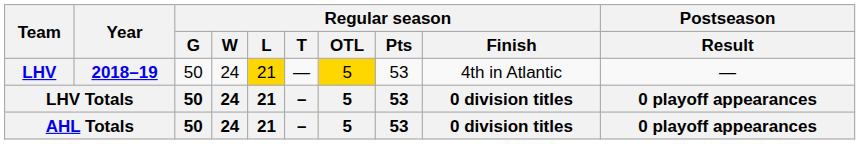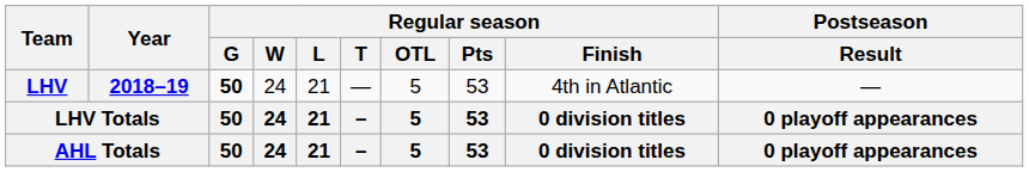 <table class="wikitable" style="font-size: 95%; text-align:center; width:50em;">
 <tr>
 <th rowspan="2">Team</th>
 <th rowspan="2">Year</th>
 <th colspan="7">Regular season</th>
 <th>Postseason</th>
 </tr>
 <tr>
 <th>G</th>
 <th>W</th>
 <th>L</th>
 <th>T</th>
 <th>OTL</th>
 <th>Pts</th>
 <th>Finish</th>
 <th>Result</th>
 </tr>
 <tr>
 <th><a href='#'>LHV</a></th>
 <th><a href='#'>2018–19</a></th>
-<td>50</td>
+<td><strong>50</strong></td>
 <td>24</td>
-<td style="background: gold;">21</td>
+<td>21</td>
 <td>—</td>
-<td style="background: gold;">5</td>
+<td>5</td>
 <td>53</td>
 <td>4th in Atlantic</td>
 <td>—</td>
 </tr>
 <tr>
 <th colspan="2">LHV Totals</th>
 <th>50</th>
 <th>24</th>
 <th>21</th>
 <th>–</th>
 <th>5</th>
 <th>53</th>
 <th>0 division titles</th>
 <th>0 playoff appearances</th>
 </tr>
 <tr>
 <th colspan="2"><a href='#'>AHL</a> Totals</th>
 <th>50</th>
 <th>24</th>
 <th>21</th>
 <th>–</th>
 <th>5</th>
 <th>53</th>
 <th>0 division titles</th>
 <th>0 playoff appearances</th>
 </tr>
 </table>
